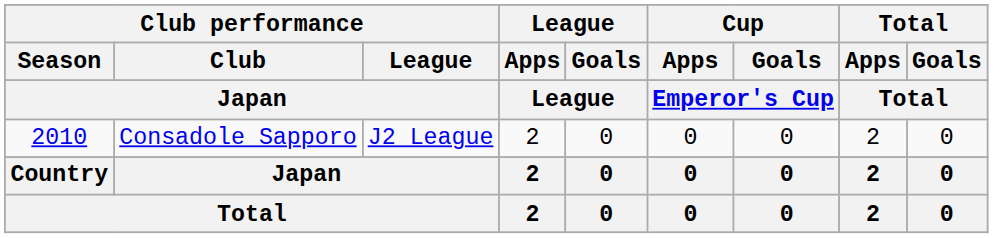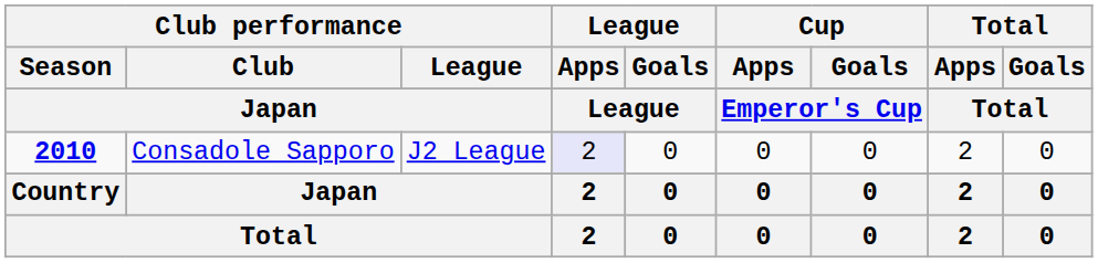 <table class="wikitable" style="text-align:center;">
 <tr>
 <th colspan=3>Club performance</th>
 <th colspan=2>League</th>
 <th colspan=2>Cup</th>
 <th colspan=2>Total</th>
 </tr>
 <tr>
 <th>Season</th>
 <th>Club</th>
 <th>League</th>
 <th>Apps</th>
 <th>Goals</th>
 <th>Apps</th>
 <th>Goals</th>
 <th>Apps</th>
 <th>Goals</th>
 </tr>
 <tr>
 <th colspan=3>Japan</th>
 <th colspan=2>League</th>
 <th colspan=2><a href='#'>Emperor's Cup</a></th>
 <th colspan=2>Total</th>
 </tr>
 <tr>
-<td><a href='#'>2010</a></td>
+<td><strong><a href='#'>2010</a></strong></td>
 <td><a href='#'>Consadole Sapporo</a></td>
 <td><a href='#'>J2 League</a></td>
-<td>2</td>
+<td style="background: lavender;">2</td>
 <td>0</td>
 <td>0</td>
 <td>0</td>
 <td>2</td>
 <td>0</td>
 </tr>
 <tr>
 <th rowspan=1>Country</th>
 <th colspan=2>Japan</th>
 <th>2</th>
 <th>0</th>
 <th>0</th>
 <th>0</th>
 <th>2</th>
 <th>0</th>
 </tr>
 <tr>
 <th colspan=3>Total</th>
 <th>2</th>
 <th>0</th>
 <th>0</th>
 <th>0</th>
 <th>2</th>
 <th>0</th>
 </tr>
 </table>
